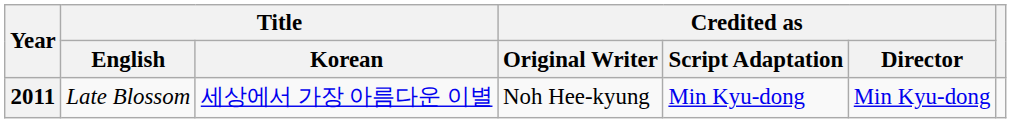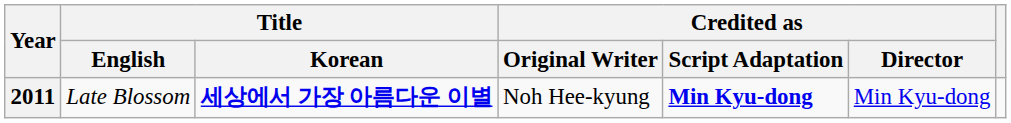 <table class="wikitable plainrowheaders sortable">
 <tr>
 <th rowspan="2" scope="col">Year</th>
 <th colspan="2" scope="col">Title</th>
 <th colspan="3">Credited as</th>
 <th rowspan="2" scope="col" class="unsortable"></th>
 </tr>
 <tr>
 <th>English</th>
 <th>Korean</th>
 <th class="unsortable">Original Writer</th>
 <th class="unsortable">Script Adaptation</th>
 <th class="unsortable">Director</th>
 </tr>
 <tr>
 <th scope="row">2011</th>
 <td><em>Late Blossom</em></td>
-<td><a href='#'>세상에서 가장 아름다운 이별</a></td>
+<td><strong><a href='#'>세상에서 가장 아름다운 이별</a></strong></td>
 <td>Noh Hee-kyung</td>
-<td><a href='#'>Min Kyu-dong</a></td>
+<td><strong><a href='#'>Min Kyu-dong</a></strong></td>
 <td><a href='#'>Min Kyu-dong</a></td>
 <td></td>
 </tr>
 </table>
